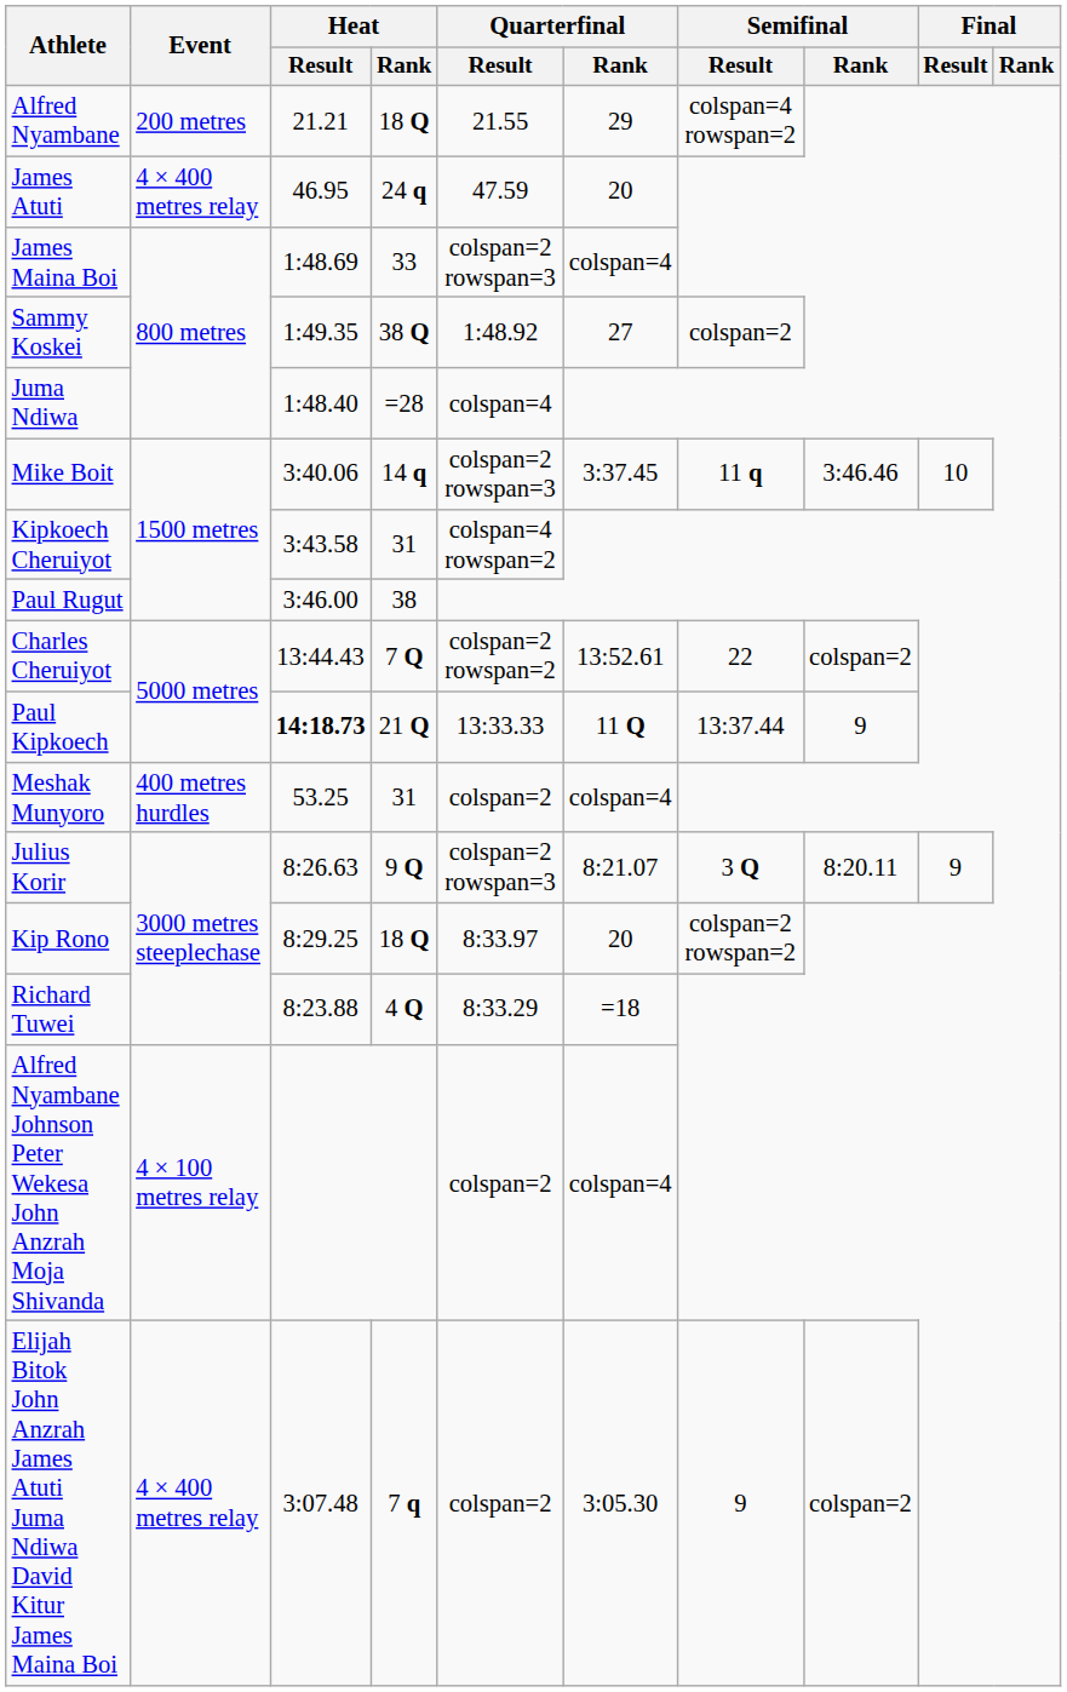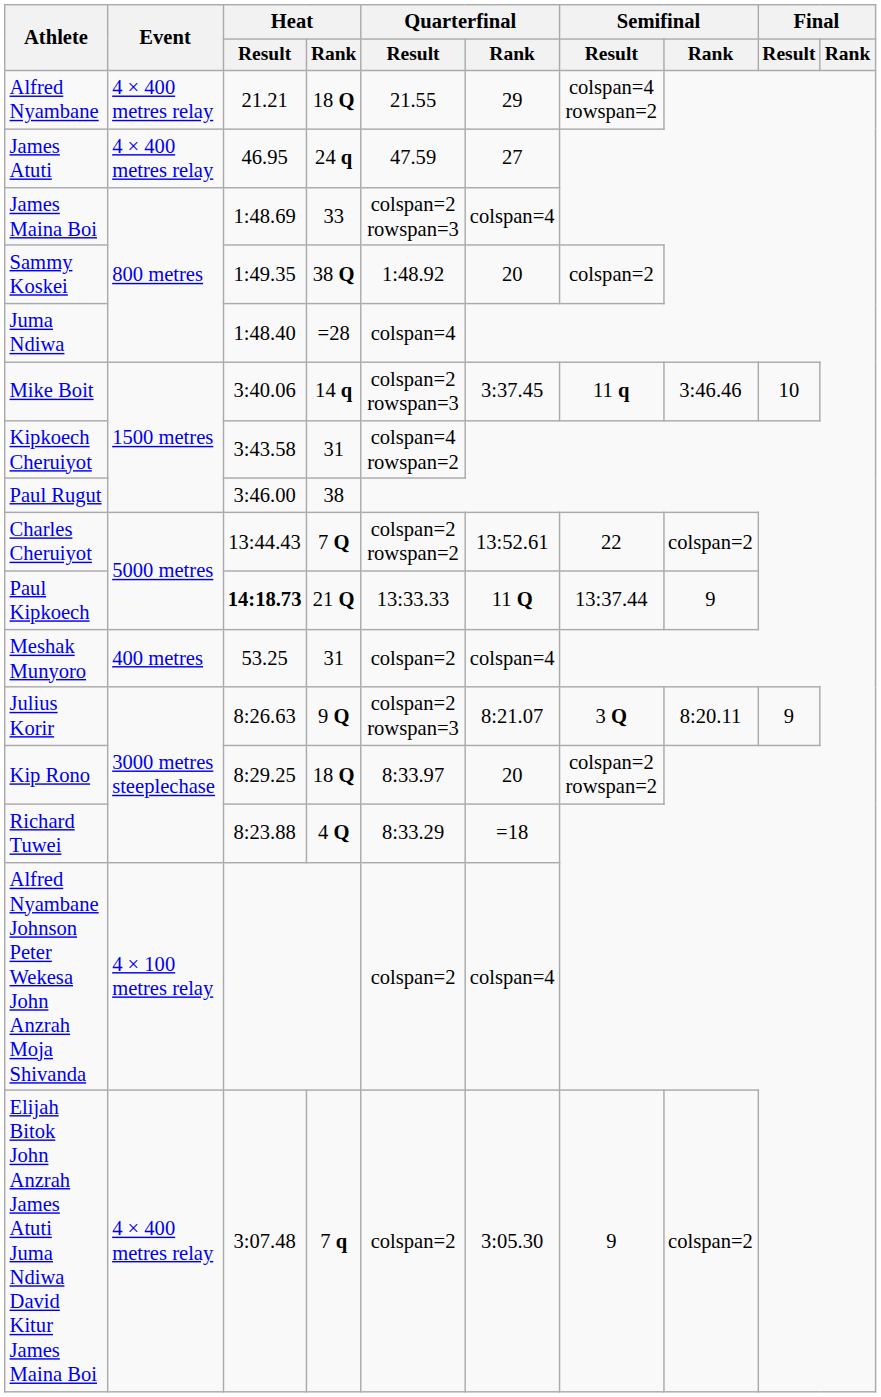 <table class=wikitable style=font-size:90%>
 <tr>
 <th rowspan=2>Athlete</th>
 <th rowspan=2>Event</th>
 <th colspan=2>Heat</th>
 <th colspan=2>Quarterfinal</th>
 <th colspan=2>Semifinal</th>
 <th colspan=2>Final</th>
 </tr>
 <tr style=font-size:95%>
 <th>Result</th>
 <th>Rank</th>
 <th>Result</th>
 <th>Rank</th>
 <th>Result</th>
 <th>Rank</th>
 <th>Result</th>
 <th>Rank</th>
 </tr>
 <tr align=center>
 <td align=left><a href='#'>Alfred Nyambane</a></td>
-<td align=left><a href='#'>200 metres</a></td>
+<td align=left><a href='#'>4 × 400 metres relay</a></td>
 <td>21.21</td>
 <td>18 <strong>Q</strong></td>
 <td>21.55</td>
 <td>29</td>
 <td>colspan=4 rowspan=2 </td>
 </tr>
 <tr align=center>
 <td align=left><a href='#'>James Atuti</a></td>
 <td align=left><a href='#'>4 × 400 metres relay</a></td>
 <td>46.95</td>
 <td>24 <strong>q</strong></td>
 <td>47.59</td>
-<td>20</td>
+<td>27</td>
 </tr>
 <tr align=center>
 <td align=left><a href='#'>James Maina Boi</a></td>
 <td align=left rowspan=3><a href='#'>800 metres</a></td>
 <td>1:48.69</td>
 <td>33</td>
 <td>colspan=2 rowspan=3 </td>
 <td>colspan=4 </td>
 </tr>
 <tr align=center>
 <td align=left><a href='#'>Sammy Koskei</a></td>
 <td>1:49.35</td>
 <td>38 <strong>Q</strong></td>
 <td>1:48.92</td>
-<td>27</td>
+<td>20</td>
 <td>colspan=2 </td>
 </tr>
 <tr align=center>
 <td align=left><a href='#'>Juma Ndiwa</a></td>
 <td>1:48.40</td>
 <td>=28</td>
 <td>colspan=4 </td>
 </tr>
 <tr align=center>
 <td align=left><a href='#'>Mike Boit</a></td>
 <td align=left rowspan=3><a href='#'>1500 metres</a></td>
 <td>3:40.06</td>
 <td>14 <strong>q</strong></td>
 <td>colspan=2 rowspan=3 </td>
 <td>3:37.45</td>
 <td>11 <strong>q</strong></td>
 <td>3:46.46</td>
 <td>10</td>
 </tr>
 <tr align=center>
 <td align=left><a href='#'>Kipkoech Cheruiyot</a></td>
 <td>3:43.58</td>
 <td>31</td>
 <td>colspan=4 rowspan=2 </td>
 </tr>
 <tr align=center>
 <td align=left><a href='#'>Paul Rugut</a></td>
 <td>3:46.00</td>
 <td>38</td>
 </tr>
 <tr align=center>
 <td align=left><a href='#'>Charles Cheruiyot</a></td>
 <td align=left rowspan=2><a href='#'>5000 metres</a></td>
 <td>13:44.43</td>
 <td>7 <strong>Q</strong></td>
 <td>colspan=2 rowspan=2 </td>
 <td>13:52.61</td>
 <td>22</td>
 <td>colspan=2 </td>
 </tr>
 <tr align=center>
 <td align=left><a href='#'>Paul Kipkoech</a></td>
 <td><strong>14:18.73</strong></td>
 <td>21 <strong>Q</strong></td>
 <td>13:33.33</td>
 <td>11 <strong>Q</strong></td>
 <td>13:37.44</td>
 <td>9</td>
 </tr>
 <tr align=center>
 <td align=left><a href='#'>Meshak Munyoro</a></td>
-<td align=left><a href='#'>400 metres hurdles</a></td>
+<td align=left><a href='#'>400 metres</a></td>
 <td>53.25</td>
 <td>31</td>
 <td>colspan=2 </td>
 <td>colspan=4 </td>
 </tr>
 <tr align=center>
 <td align=left><a href='#'>Julius Korir</a></td>
 <td align=left rowspan=3><a href='#'>3000 metres steeplechase</a></td>
 <td>8:26.63</td>
 <td>9 <strong>Q</strong></td>
 <td>colspan=2 rowspan=3 </td>
 <td>8:21.07</td>
 <td>3 <strong>Q</strong></td>
 <td>8:20.11</td>
 <td>9</td>
 </tr>
 <tr align=center>
 <td align=left><a href='#'>Kip Rono</a></td>
 <td>8:29.25</td>
 <td>18 <strong>Q</strong></td>
 <td>8:33.97</td>
 <td>20</td>
 <td>colspan=2 rowspan=2 </td>
 </tr>
 <tr align=center>
 <td align=left><a href='#'>Richard Tuwei</a></td>
 <td>8:23.88</td>
 <td>4 <strong>Q</strong></td>
 <td>8:33.29</td>
 <td>=18</td>
 </tr>
 <tr align=center>
 <td align=left><a href='#'>Alfred Nyambane Johnson</a><br><a href='#'>Peter Wekesa</a><br><a href='#'>John Anzrah</a><br><a href='#'>Moja Shivanda</a></td>
 <td align=left><a href='#'>4 × 100 metres relay</a></td>
 <td colspan=2></td>
 <td>colspan=2 </td>
 <td>colspan=4 </td>
 </tr>
 <tr align=center>
 <td align=left><a href='#'>Elijah Bitok</a><br><a href='#'>John Anzrah</a><br><a href='#'>James Atuti</a><br><a href='#'>Juma Ndiwa</a><br><a href='#'>David Kitur</a><br><a href='#'>James Maina Boi</a></td>
 <td align=left><a href='#'>4 × 400 metres relay</a></td>
 <td>3:07.48</td>
 <td>7 <strong>q</strong></td>
 <td>colspan=2 </td>
 <td>3:05.30</td>
 <td>9</td>
 <td>colspan=2 </td>
 </tr>
 </table>
